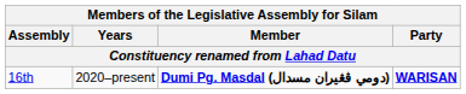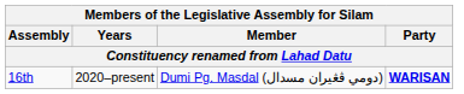 <table class=wikitable>
 <tr>
 <th colspan="4">Members of the Legislative Assembly for Silam</th>
 </tr>
 <tr>
 <th>Assembly</th>
 <th>Years</th>
 <th>Member</th>
 <th>Party</th>
 </tr>
 <tr>
 <th colspan=4 align=center><em>Constituency renamed from <a href='#'>Lahad Datu</a></em></th>
 </tr>
 <tr>
 <td><a href='#'>16th</a></td>
 <td>2020–present</td>
-<td><strong><a href='#'>Dumi Pg. Masdal</a> (دومي ڤڠيران مسدال)</strong></td>
+<td><a href='#'>Dumi Pg. Masdal</a> (دومي ڤڠيران مسدال)</td>
 <td><strong><a href='#'>WARISAN</a></strong></td>
 </tr>
 </table>
